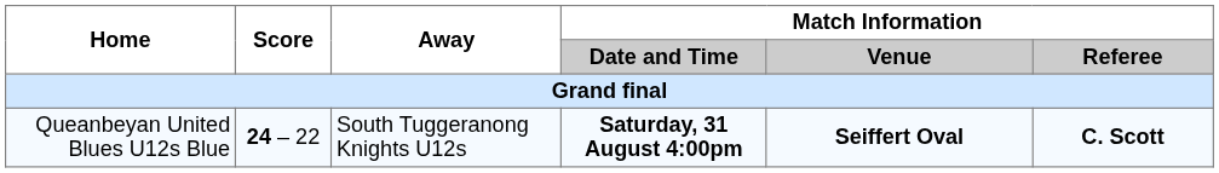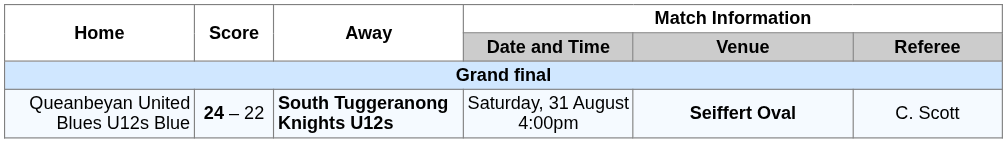 <table border="1" cellpadding="3" cellspacing="0" width="100%" style="border-collapse:collapse;  text-align:center;">
 <tr>
 <th rowspan="2" width="19%">Home</th>
 <th rowspan="2" width="8%">Score</th>
 <th rowspan="2" width="19%">Away</th>
 <th colspan="3">Match Information</th>
 </tr>
 <tr bgcolor="#CCCCCC">
 <th width="17%">Date and Time</th>
 <th width="22%">Venue</th>
 <th width="50%">Referee</th>
 </tr>
 <tr style="background:#d0e7ff;">
 <td colspan="6"><strong>Grand final</strong></td>
 </tr>
 <tr style="text-align:center; background:#f5faff;">
 <td align="right">Queanbeyan United Blues U12s Blue </td>
 <td><strong>24</strong> – 22</td>
-<td align="left"> South Tuggeranong Knights U12s</td>
-<td><strong>Saturday, 31 August 4:00pm</strong></td>
+<td align="left"><strong> South Tuggeranong Knights U12s</strong></td>
+<td>Saturday, 31 August 4:00pm</td>
 <td><strong>Seiffert Oval</strong></td>
-<td><strong>C. Scott</strong></td>
+<td>C. Scott</td>
 </tr>
 </table>
